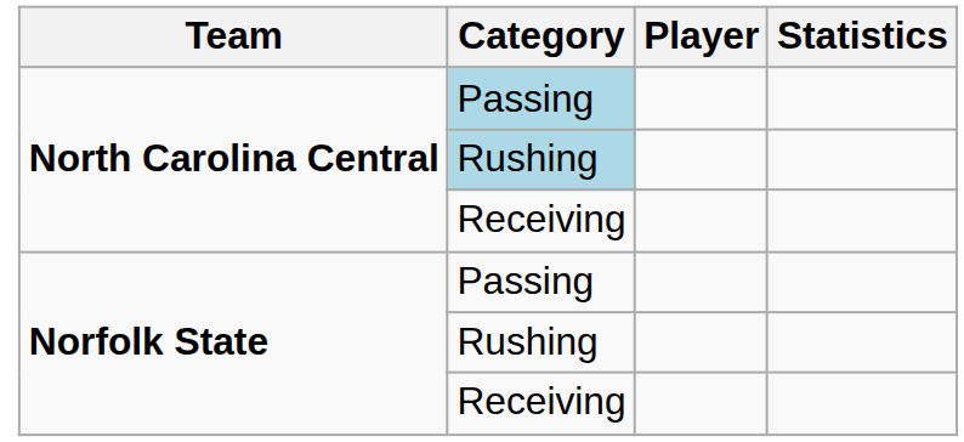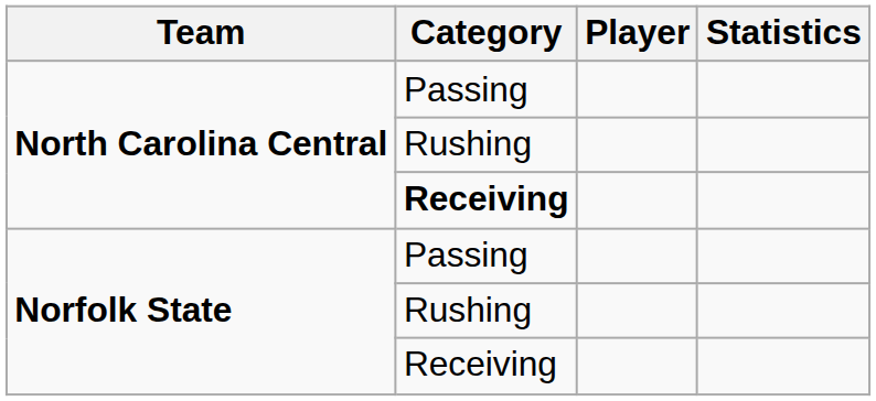 <table class="wikitable" style="float: right;">
 <tr>
 <th>Team</th>
 <th>Category</th>
 <th>Player</th>
 <th>Statistics</th>
 </tr>
 <tr>
 <td rowspan=3><strong>North Carolina Central</strong></td>
-<td style="background: lightblue;">Passing</td>
+<td>Passing</td>
 <td></td>
 <td></td>
 </tr>
 <tr>
-<td style="background: lightblue;">Rushing</td>
+<td>Rushing</td>
 <td></td>
 <td></td>
 </tr>
 <tr>
-<td>Receiving</td>
+<td><strong>Receiving</strong></td>
 <td></td>
 <td></td>
 </tr>
 <tr>
 <td rowspan=3><strong>Norfolk State</strong></td>
 <td>Passing</td>
 <td></td>
 <td></td>
 </tr>
 <tr>
 <td>Rushing</td>
 <td></td>
 <td></td>
 </tr>
 <tr>
 <td>Receiving</td>
 <td></td>
 <td></td>
 </tr>
 </table>
